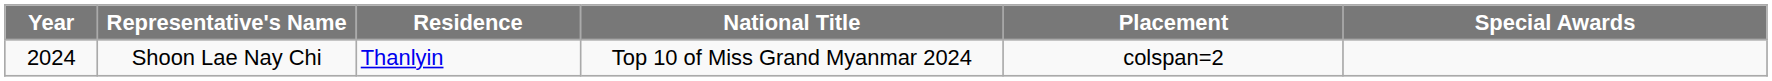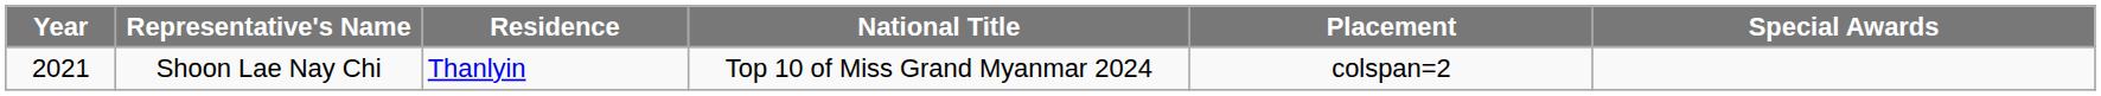 <table class="wikitable sortable" style="font-size: 83%; text-align:center">
 <tr>
 <th width="50" style="background-color:#787878;color:#FFFFFF;">Year</th>
 <th width="150" style="background-color:#787878;color:#FFFFFF;">Representative's Name</th>
 <th width="130" style="background-color:#787878;color:#FFFFFF;">Residence</th>
 <th width="250" style="background-color:#787878;color:#FFFFFF;">National Title</th>
 <th width="200" style="background-color:#787878;color:#FFFFFF;">Placement</th>
 <th width="250" style="background-color:#787878;color:#FFFFFF;">Special Awards</th>
 </tr>
 <tr>
-<td>2024</td>
+<td>2021</td>
 <td>Shoon Lae Nay Chi</td>
 <td align=left> <a href='#'>Thanlyin</a></td>
 <td>Top 10 of Miss Grand Myanmar 2024</td>
 <td>colspan=2 </td>
 </tr>
 </table>
